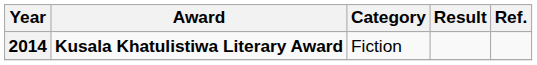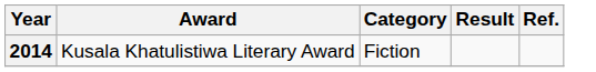 <table class="wikitable sortable">
 <tr>
 <th>Year</th>
 <th>Award</th>
 <th>Category</th>
 <th>Result</th>
 <th>Ref.</th>
 </tr>
 <tr>
 <th>2014</th>
-<td><strong>Kusala Khatulistiwa Literary Award</strong></td>
+<td>Kusala Khatulistiwa Literary Award</td>
 <td>Fiction</td>
 <td></td>
 <td></td>
 </tr>
 <tr>
 </tr>
 </table>
